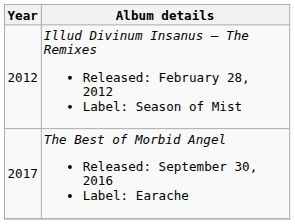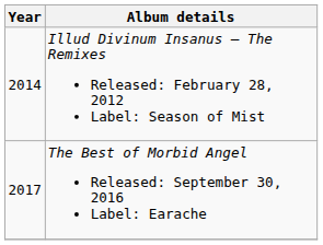 <table class="wikitable">
 <tr>
 <th>Year</th>
 <th style="width:250px;">Album details</th>
 </tr>
 <tr>
-<td>2012</td>
+<td>2014</td>
 <td style="text-align:left;"><em>Illud Divinum Insanus – The Remixes</em><br><ul><li>Released: February 28, 2012</li><li>Label: Season of Mist</li></ul></td>
 </tr>
 <tr>
 <td>2017</td>
 <td><em>The Best of Morbid Angel</em><br><ul><li>Released: September 30, 2016</li><li>Label: Earache</li></ul></td>
 </tr>
 <tr>
 </tr>
 </table>
